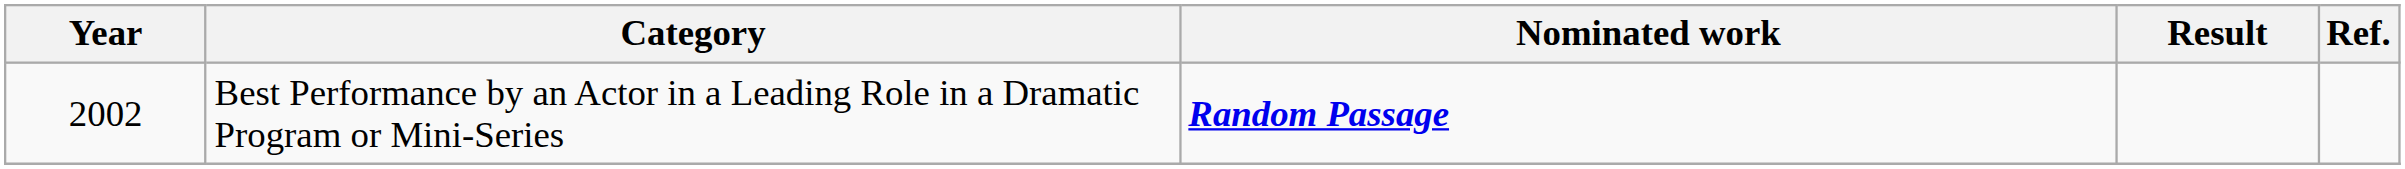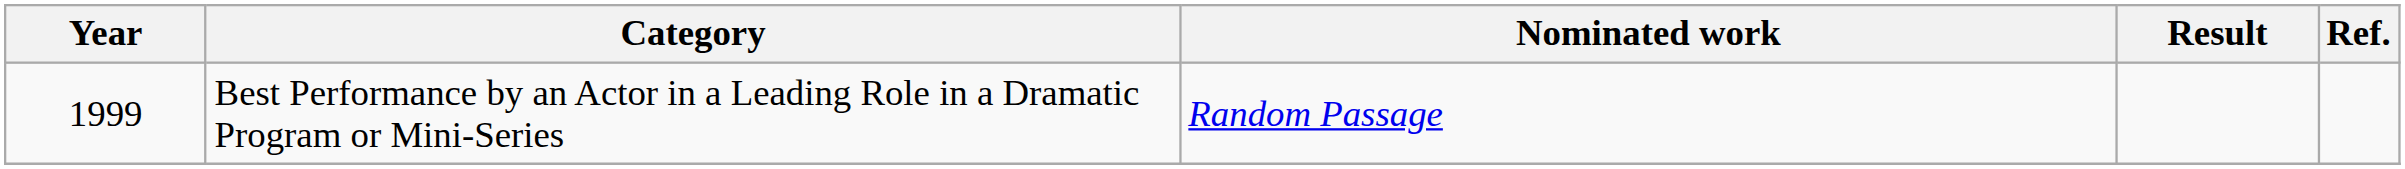 <table class=wikitable>
 <tr>
 <th scope="col" style="width:5em;">Year</th>
 <th scope="col" style="width:26em;">Category</th>
 <th scope="col" style="width:25em;">Nominated work</th>
 <th scope="col" style="width:5em;">Result</th>
 <th>Ref.</th>
 </tr>
 <tr>
-<td style="text-align:center;">2002</td>
+<td style="text-align:center;">1999</td>
 <td>Best Performance by an Actor in a Leading Role in a Dramatic Program or Mini-Series</td>
-<td><strong><em><a href='#'>Random Passage</a></em></strong></td>
+<td><em><a href='#'>Random Passage</a></em></td>
 <td></td>
 <td></td>
 </tr>
 <tr>
 </tr>
 </table>
